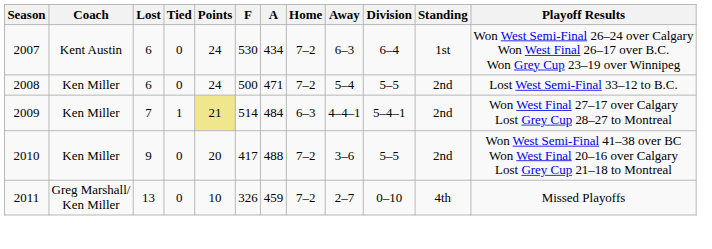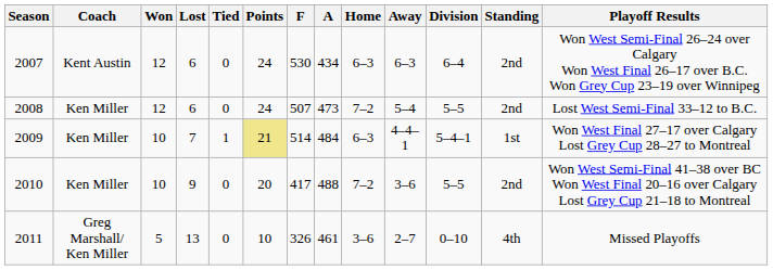 <table class="wikitable" style="text-align: center;">
 <tr>
 <th>Season</th>
 <th>Coach</th>
+<th>Won</th>
 <th>Lost</th>
 <th>Tied</th>
 <th>Points</th>
 <th>F</th>
 <th>A</th>
 <th>Home</th>
 <th>Away</th>
 <th>Division</th>
 <th>Standing</th>
 <th>Playoff Results</th>
 </tr>
 <tr>
 <td>2007</td>
 <td>Kent Austin</td>
+<td>12</td>
 <td>6</td>
 <td>0</td>
 <td>24</td>
 <td>530</td>
 <td>434</td>
-<td>7–2</td>
+<td>6–3</td>
 <td>6–3</td>
 <td>6–4</td>
-<td>1st</td>
+<td>2nd</td>
 <td>Won <a href='#'>West Semi-Final</a> 26–24 over Calgary<br>Won <a href='#'>West Final</a> 26–17 over B.C.<br>Won <a href='#'>Grey Cup</a> 23–19 over Winnipeg</td>
 </tr>
 <tr>
 <td>2008</td>
 <td>Ken Miller</td>
+<td>12</td>
 <td>6</td>
 <td>0</td>
 <td>24</td>
-<td>500</td>
-<td>471</td>
+<td>507</td>
+<td>473</td>
 <td>7–2</td>
 <td>5–4</td>
 <td>5–5</td>
 <td>2nd</td>
 <td>Lost <a href='#'>West Semi-Final</a> 33–12 to B.C.</td>
 </tr>
 <tr>
 <td>2009</td>
 <td>Ken Miller</td>
+<td>10</td>
 <td>7</td>
 <td>1</td>
 <td style="background: khaki;">21</td>
 <td>514</td>
 <td>484</td>
 <td>6–3</td>
 <td>4–4–1</td>
 <td>5–4–1</td>
-<td>2nd</td>
+<td>1st</td>
 <td>Won <a href='#'>West Final</a> 27–17 over Calgary<br>Lost <a href='#'>Grey Cup</a> 28–27 to Montreal</td>
 </tr>
 <tr>
 <td>2010</td>
 <td>Ken Miller</td>
+<td>10</td>
 <td>9</td>
 <td>0</td>
 <td>20</td>
 <td>417</td>
 <td>488</td>
 <td>7–2</td>
 <td>3–6</td>
 <td>5–5</td>
 <td>2nd</td>
 <td>Won <a href='#'>West Semi-Final</a> 41–38 over BC<br>Won <a href='#'>West Final</a> 20–16 over Calgary<br>Lost <a href='#'>Grey Cup</a> 21–18 to Montreal</td>
 </tr>
 <tr>
 <td>2011</td>
 <td>Greg Marshall/<br>Ken Miller</td>
+<td>5</td>
 <td>13</td>
 <td>0</td>
 <td>10</td>
 <td>326</td>
-<td>459</td>
-<td>7–2</td>
+<td>461</td>
+<td>3–6</td>
 <td>2–7</td>
 <td>0–10</td>
 <td>4th</td>
 <td>Missed Playoffs</td>
 </tr>
 </table>
